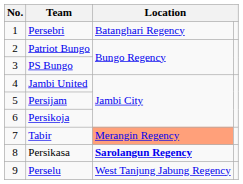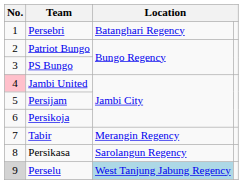 <table class="wikitable">
 <tr>
 <th>No.</th>
 <th>Team</th>
 <th colspan=2>Location</th>
 </tr>
 <tr>
 <td align=center>1</td>
 <td><a href='#'>Persebri</a></td>
 <td><a href='#'>Batanghari Regency</a></td>
 <td></td>
 </tr>
 <tr>
 <td align=center>2</td>
 <td><a href='#'>Patriot Bungo</a></td>
 <td rowspan=2><a href='#'>Bungo Regency</a></td>
 <td rowspan=2></td>
 </tr>
 <tr>
 <td align=center>3</td>
 <td><a href='#'>PS Bungo</a></td>
 </tr>
 <tr>
-<td align=center>4</td>
+<td align=center style="background: pink;">4</td>
 <td><a href='#'>Jambi United</a></td>
 <td rowspan=3><a href='#'>Jambi City</a></td>
 <td rowspan=3></td>
 </tr>
 <tr>
 <td align=center>5</td>
 <td><a href='#'>Persijam</a></td>
 </tr>
 <tr>
 <td align=center>6</td>
 <td><a href='#'>Persikoja</a></td>
 </tr>
 <tr>
 <td align=center>7</td>
 <td><a href='#'>Tabir</a></td>
-<td style="background: lightsalmon;"><a href='#'>Merangin Regency</a></td>
+<td><a href='#'>Merangin Regency</a></td>
 <td></td>
 </tr>
 <tr>
 <td align=center>8</td>
 <td>Persikasa</td>
-<td><strong><a href='#'>Sarolangun Regency</a></strong></td>
+<td><a href='#'>Sarolangun Regency</a></td>
 <td></td>
 </tr>
 <tr>
-<td align=center>9</td>
+<td align=center style="background: lightgrey;">9</td>
 <td><a href='#'>Perselu</a></td>
-<td><a href='#'>West Tanjung Jabung Regency</a></td>
+<td style="background: lightblue;"><a href='#'>West Tanjung Jabung Regency</a></td>
 <td></td>
 </tr>
 </table>
